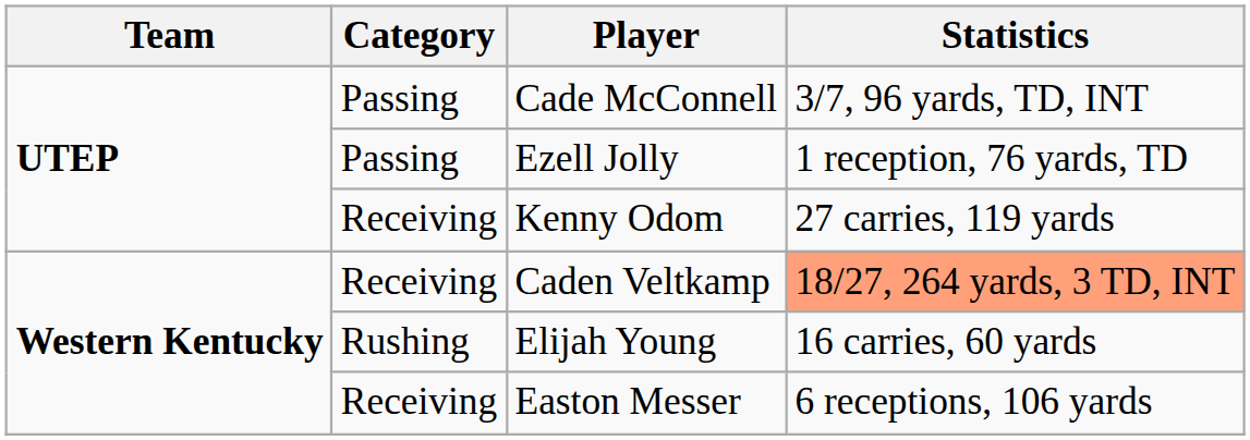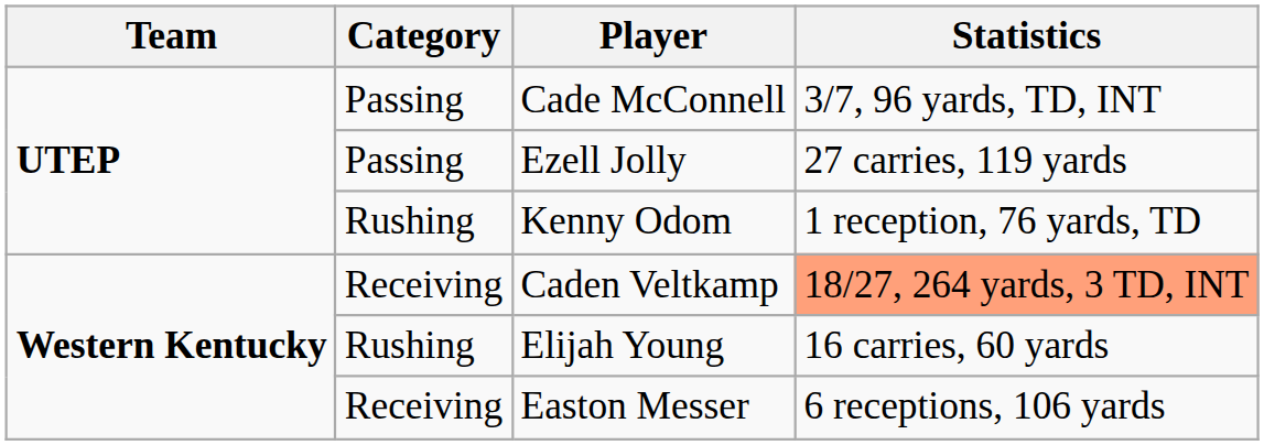 <table class="wikitable" style="float: right;">
 <tr>
 <th>Team</th>
 <th>Category</th>
 <th>Player</th>
 <th>Statistics</th>
 </tr>
 <tr>
 <td rowspan=3><strong>UTEP</strong></td>
 <td>Passing</td>
 <td>Cade McConnell</td>
 <td>3/7, 96 yards, TD, INT</td>
 </tr>
 <tr>
 <td>Passing</td>
 <td>Ezell Jolly</td>
-<td>1 reception, 76 yards, TD</td>
+<td>27 carries, 119 yards</td>
 </tr>
 <tr>
-<td>Receiving</td>
+<td>Rushing</td>
 <td>Kenny Odom</td>
-<td>27 carries, 119 yards</td>
+<td>1 reception, 76 yards, TD</td>
 </tr>
 <tr>
 <td rowspan=3><strong>Western Kentucky</strong></td>
 <td>Receiving</td>
 <td>Caden Veltkamp</td>
 <td style="background: lightsalmon;">18/27, 264 yards, 3 TD, INT</td>
 </tr>
 <tr>
 <td>Rushing</td>
 <td>Elijah Young</td>
 <td>16 carries, 60 yards</td>
 </tr>
 <tr>
 <td>Receiving</td>
 <td>Easton Messer</td>
 <td>6 receptions, 106 yards</td>
 </tr>
 </table>
